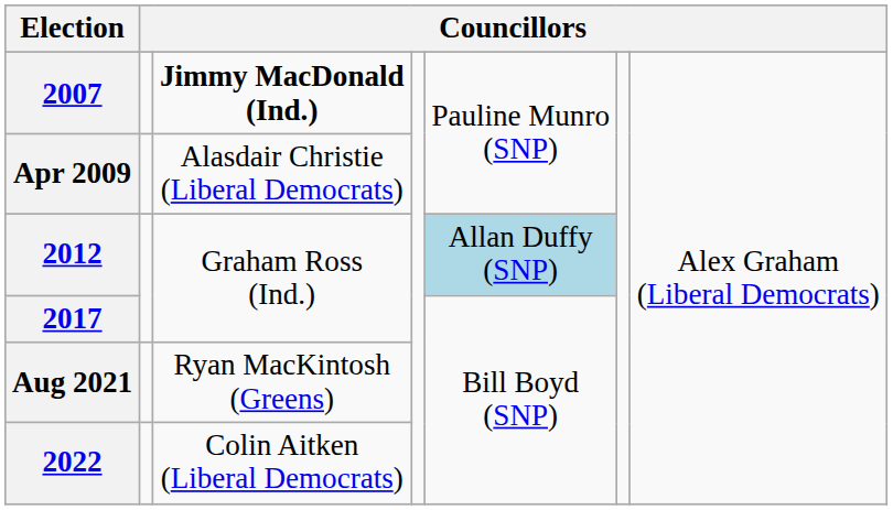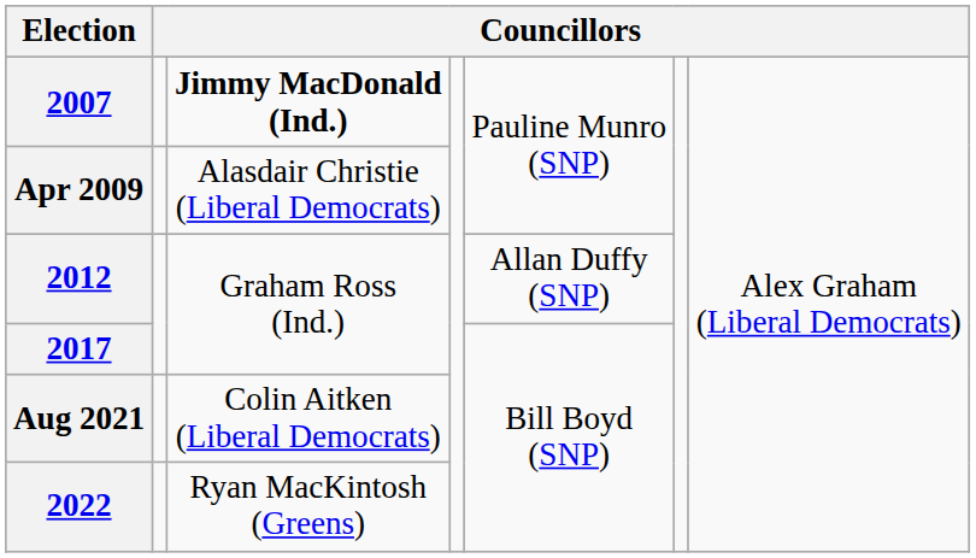 <table class="wikitable" style="text-align:center">
 <tr>
 <th>Election</th>
 <th colspan=8>Councillors</th>
 </tr>
 <tr>
 <th><a href='#'>2007</a></th>
 <td rowspan=1; style="background-color: "></td>
 <td rowspan=1><strong>Jimmy MacDonald<br>(Ind.)</strong></td>
 <td rowspan=6; style="background-color: "></td>
 <td rowspan=2>Pauline Munro<br>(<a href='#'>SNP</a>)</td>
 <td rowspan=6; style="background-color: "></td>
 <td rowspan=6>Alex Graham<br>(<a href='#'>Liberal Democrats</a>)</td>
 </tr>
 <tr>
 <th>Apr 2009</th>
 <td rowspan=1; style="background-color: "></td>
 <td rowspan=1>Alasdair Christie<br>(<a href='#'>Liberal Democrats</a>)</td>
 </tr>
 <tr>
 <th><a href='#'>2012</a></th>
 <td rowspan=2; style="background-color: "></td>
 <td rowspan=2>Graham Ross<br>(Ind.)</td>
-<td rowspan=1 style="background: lightblue;">Allan Duffy<br>(<a href='#'>SNP</a>)</td>
+<td rowspan=1>Allan Duffy<br>(<a href='#'>SNP</a>)</td>
 </tr>
 <tr>
 <th><a href='#'>2017</a></th>
 <td rowspan=5>Bill Boyd<br>(<a href='#'>SNP</a>)</td>
 </tr>
 <tr>
 <th>Aug 2021</th>
 <td rowspan=1; style="background-color: "></td>
-<td rowspan=1>Ryan MacKintosh<br>(<a href='#'>Greens</a>)</td>
+<td rowspan=1>Colin Aitken<br>(<a href='#'>Liberal Democrats</a>)</td>
 </tr>
 <tr>
 <th><a href='#'>2022</a></th>
 <td rowspan=1; style="background-color: "></td>
-<td rowspan=1>Colin Aitken<br>(<a href='#'>Liberal Democrats</a>)</td>
+<td rowspan=1>Ryan MacKintosh<br>(<a href='#'>Greens</a>)</td>
 </tr>
 </table>
